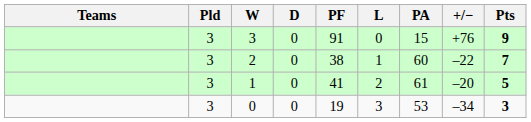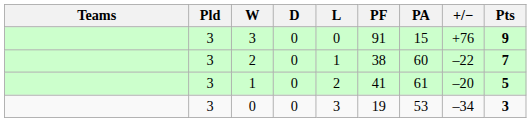 <table class="wikitable" style="text-align: center;">
 <tr>
 <th width="200">Teams</th>
 <th width="40">Pld</th>
 <th width="40">W</th>
 <th width="40">D</th>
+<th width="40">L</th>
 <th width="40">PF</th>
-<th width="40">L</th>
 <th width="40">PA</th>
 <th width="40">+/−</th>
 <th width="40">Pts</th>
 </tr>
 <tr style="background:#cfc; width:20px;">
 <td align=left></td>
 <td>3</td>
 <td>3</td>
 <td>0</td>
+<td>0</td>
 <td>91</td>
-<td>0</td>
 <td>15</td>
 <td>+76</td>
 <td><strong>9</strong></td>
 </tr>
 <tr style="background:#cfc; width:20px;">
 <td align=left></td>
 <td>3</td>
 <td>2</td>
 <td>0</td>
+<td>1</td>
 <td>38</td>
-<td>1</td>
 <td>60</td>
 <td>–22</td>
 <td><strong>7</strong></td>
 </tr>
 <tr style="background:#cfc; width:20px;">
 <td align=left></td>
 <td>3</td>
 <td>1</td>
 <td>0</td>
+<td>2</td>
 <td>41</td>
-<td>2</td>
 <td>61</td>
 <td>–20</td>
 <td><strong>5</strong></td>
 </tr>
 <tr>
 <td align=left></td>
 <td>3</td>
 <td>0</td>
 <td>0</td>
+<td>3</td>
 <td>19</td>
-<td>3</td>
 <td>53</td>
 <td>–34</td>
 <td><strong>3</strong></td>
 </tr>
 </table>
